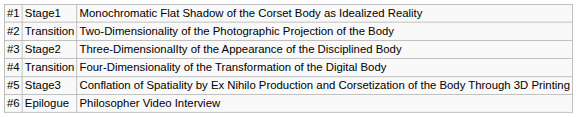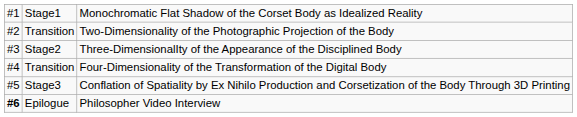 <table class="wikitable">
 <tr>
 <td>#1</td>
 <td>Stage1</td>
 <td>Monochromatic Flat Shadow of the Corset Body as Idealized Reality</td>
 </tr>
 <tr>
 <td>#2</td>
 <td>Transition</td>
 <td>Two-Dimensionality of the Photographic Projection of the Body</td>
 </tr>
 <tr>
 <td>#3</td>
 <td>Stage2</td>
 <td>Three-DimensionalIty of the Appearance of the Disciplined Body</td>
 </tr>
 <tr>
 <td>#4</td>
 <td>Transition</td>
 <td>Four-Dimensionality of the Transformation of the Digital Body</td>
 </tr>
 <tr>
 <td>#5</td>
 <td>Stage3</td>
 <td>Conflation of Spatiality by Ex Nihilo Production and Corsetization of the Body Through 3D Printing</td>
 </tr>
 <tr>
-<td>#6</td>
+<td><strong>#6</strong></td>
 <td>Epilogue</td>
 <td>Philosopher Video Interview</td>
 </tr>
 </table>
